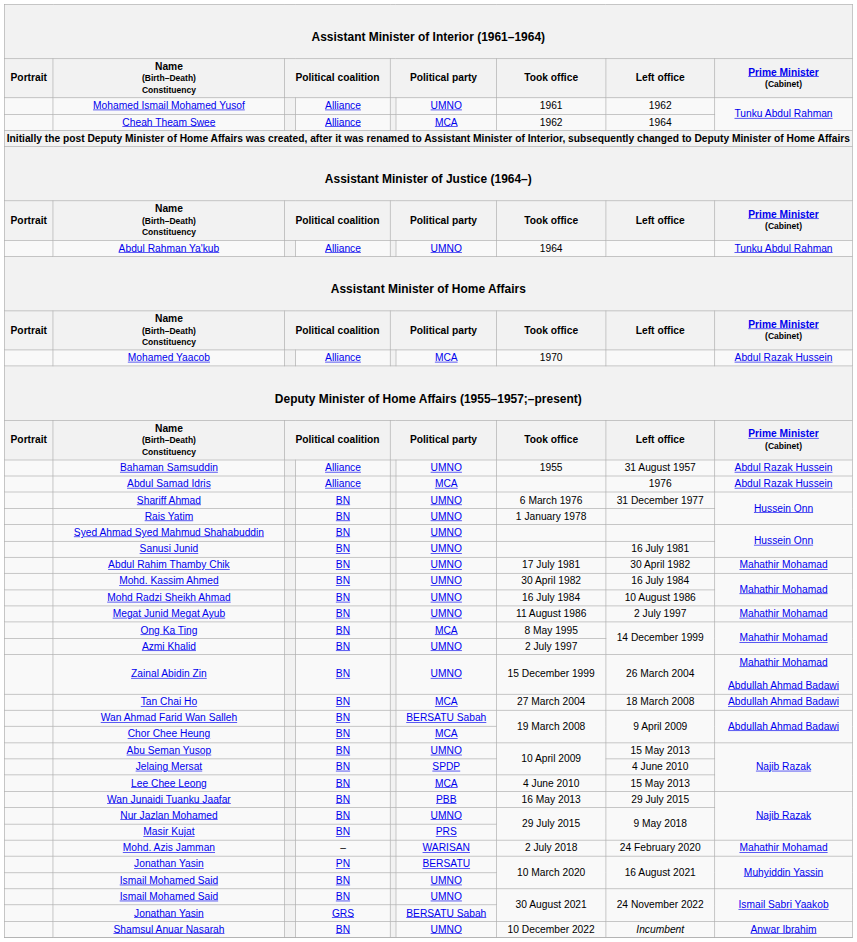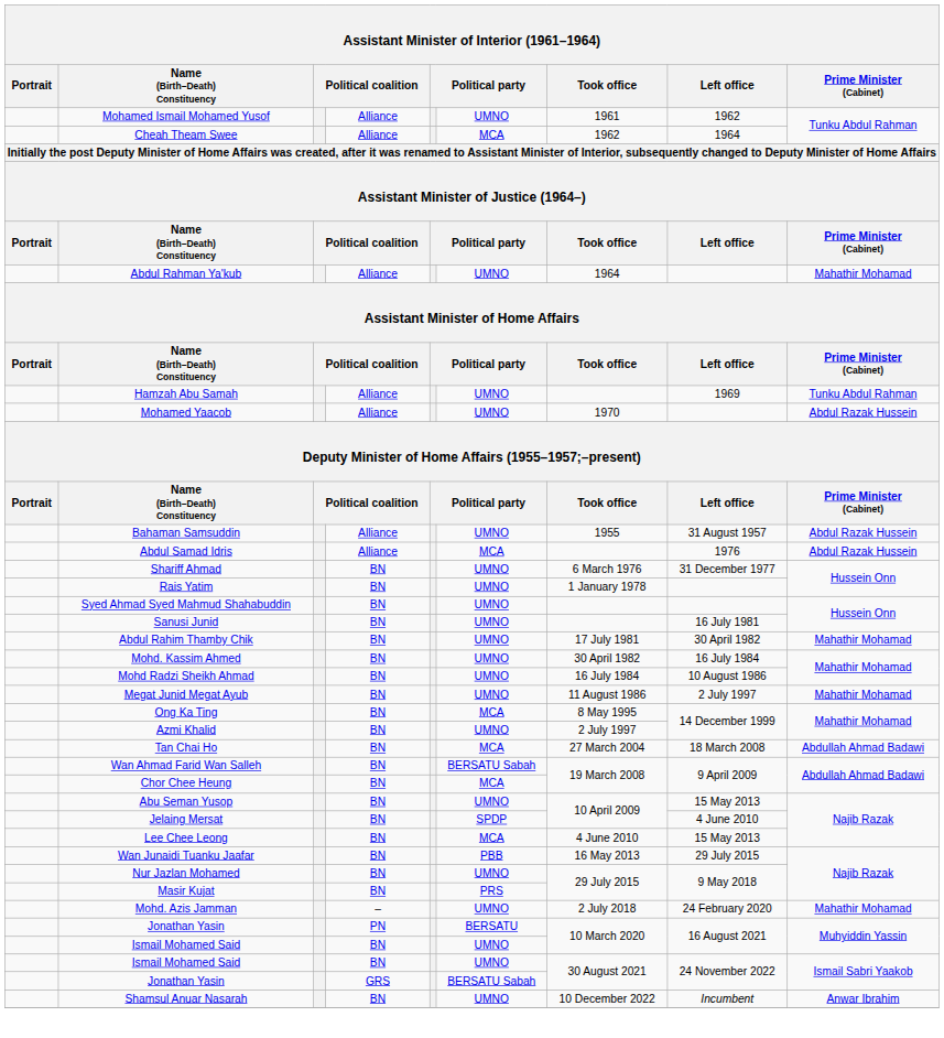 <table class="wikitable" style="text-align:center;">
 <tr>
 <th colspan="9"><br><h3>Assistant Minister of Interior (1961–1964)</h3></th>
 </tr>
 <tr>
 <th>Portrait</th>
 <th>Name<br><small>(Birth–Death)<br>Constituency</small></th>
 <th colspan="2">Political coalition</th>
 <th colspan="2">Political party</th>
 <th>Took office</th>
 <th>Left office</th>
 <th><a href='#'>Prime Minister</a><br><small>(Cabinet)</small></th>
 </tr>
 <tr>
 <td></td>
 <td><a href='#'>Mohamed Ismail Mohamed Yusof</a><br></td>
 <th style="background:"></th>
 <td><a href='#'>Alliance</a></td>
 <th style="background:"></th>
 <td><a href='#'>UMNO</a></td>
 <td>1961</td>
 <td>1962</td>
 <td rowspan=2><a href='#'>Tunku Abdul Rahman</a><br></td>
 </tr>
 <tr>
 <td></td>
 <td><a href='#'>Cheah Theam Swee</a><br></td>
 <th style="background:"></th>
 <td><a href='#'>Alliance</a></td>
 <th style="background:"></th>
 <td><a href='#'>MCA</a></td>
 <td>1962</td>
 <td>1964</td>
 </tr>
 <tr>
 <th colspan="9">Initially the post Deputy Minister of Home Affairs was created, after it was renamed to Assistant Minister of Interior, subsequently changed to Deputy Minister of Home Affairs</th>
 </tr>
 <tr>
 <th colspan="9"><br><h3>Assistant Minister of Justice (1964–)</h3></th>
 </tr>
 <tr>
 <th>Portrait</th>
 <th>Name<br><small>(Birth–Death)<br>Constituency</small></th>
 <th colspan="2">Political coalition</th>
 <th colspan="2">Political party</th>
 <th>Took office</th>
 <th>Left office</th>
 <th><a href='#'>Prime Minister</a><br><small>(Cabinet)</small></th>
 </tr>
 <tr>
 <td></td>
 <td><a href='#'>Abdul Rahman Ya'kub</a><br></td>
 <th style="background:"></th>
 <td><a href='#'>Alliance</a></td>
 <th style="background:"></th>
 <td><a href='#'>UMNO</a></td>
 <td>1964</td>
 <td></td>
-<td><a href='#'>Tunku Abdul Rahman</a><br></td>
+<td><a href='#'>Mahathir Mohamad</a><br></td>
 </tr>
 <tr>
 <th colspan="9"><br><h3>Assistant Minister of Home Affairs</h3></th>
 </tr>
 <tr>
 <th>Portrait</th>
 <th>Name<br><small>(Birth–Death)<br>Constituency</small></th>
 <th colspan="2">Political coalition</th>
 <th colspan="2">Political party</th>
 <th>Took office</th>
 <th>Left office</th>
 <th><a href='#'>Prime Minister</a><br><small>(Cabinet)</small></th>
 </tr>
 <tr>
 <td></td>
+<td><a href='#'>Hamzah Abu Samah</a><br></td>
+<th style="background:"></th>
+<td><a href='#'>Alliance</a></td>
+<th style="background:"></th>
+<td><a href='#'>UMNO</a></td>
+<td></td>
+<td>1969</td>
+<td><a href='#'>Tunku Abdul Rahman</a><br></td>
+</tr>
+<tr>
+<td></td>
 <td><a href='#'>Mohamed Yaacob</a><br></td>
 <th style="background:"></th>
 <td><a href='#'>Alliance</a></td>
 <th style="background:"></th>
-<td><a href='#'>MCA</a></td>
+<td><a href='#'>UMNO</a></td>
 <td>1970</td>
 <td></td>
 <td><a href='#'>Abdul Razak Hussein</a><br></td>
 </tr>
 <tr>
 <th colspan="9"><br><h3>Deputy Minister of Home Affairs (1955–1957;–present)</h3></th>
 </tr>
 <tr>
 <th>Portrait</th>
 <th>Name<br><small>(Birth–Death)<br>Constituency</small></th>
 <th colspan="2">Political coalition</th>
 <th colspan="2">Political party</th>
 <th>Took office</th>
 <th>Left office</th>
 <th><a href='#'>Prime Minister</a><br><small>(Cabinet)</small></th>
 </tr>
 <tr>
 <td></td>
 <td><a href='#'>Bahaman Samsuddin</a><br></td>
 <th style="background:"></th>
 <td><a href='#'>Alliance</a></td>
 <th style="background:"></th>
 <td><a href='#'>UMNO</a></td>
 <td>1955</td>
 <td>31 August 1957</td>
 <td><a href='#'>Abdul Razak Hussein</a><br></td>
 </tr>
 <tr>
 <td></td>
 <td><a href='#'>Abdul Samad Idris</a><br></td>
 <th style="background:"></th>
 <td><a href='#'>Alliance</a></td>
 <th style="background:"></th>
 <td><a href='#'>MCA</a></td>
 <td></td>
 <td>1976</td>
 <td><a href='#'>Abdul Razak Hussein</a><br></td>
 </tr>
 <tr>
 <td></td>
 <td><a href='#'>Shariff Ahmad</a><br></td>
 <th style="background:"></th>
 <td><a href='#'>BN</a></td>
 <th style="background:"></th>
 <td><a href='#'>UMNO</a></td>
 <td>6 March 1976</td>
 <td>31 December 1977</td>
 <td rowspan=2><a href='#'>Hussein Onn</a><br></td>
 </tr>
 <tr>
 <td></td>
 <td><a href='#'>Rais Yatim</a><br></td>
 <th style="background:"></th>
 <td><a href='#'>BN</a></td>
 <th style="background:"></th>
 <td><a href='#'>UMNO</a></td>
 <td>1 January 1978</td>
 <td></td>
 </tr>
 <tr>
 <td></td>
 <td><a href='#'>Syed Ahmad Syed Mahmud Shahabuddin</a><br></td>
 <th style="background:"></th>
 <td><a href='#'>BN</a></td>
 <th style="background:"></th>
 <td><a href='#'>UMNO</a></td>
 <td></td>
 <td></td>
 <td rowspan=2><a href='#'>Hussein Onn</a><br></td>
 </tr>
 <tr>
 <td></td>
 <td><a href='#'>Sanusi Junid</a><br></td>
 <th style="background:"></th>
 <td><a href='#'>BN</a></td>
 <th style="background:"></th>
 <td><a href='#'>UMNO</a></td>
 <td></td>
 <td>16 July 1981</td>
 </tr>
 <tr>
 <td></td>
 <td><a href='#'>Abdul Rahim Thamby Chik</a><br></td>
 <th style="background:"></th>
 <td><a href='#'>BN</a></td>
 <th style="background:"></th>
 <td><a href='#'>UMNO</a></td>
 <td>17 July 1981</td>
 <td>30 April 1982</td>
 <td><a href='#'>Mahathir Mohamad</a><br></td>
 </tr>
 <tr>
 <td></td>
 <td><a href='#'>Mohd. Kassim Ahmed</a><br></td>
 <th style="background:"></th>
 <td><a href='#'>BN</a></td>
 <th style="background:"></th>
 <td><a href='#'>UMNO</a></td>
 <td>30 April 1982</td>
 <td>16 July 1984</td>
 <td rowspan=2><a href='#'>Mahathir Mohamad</a><br></td>
 </tr>
 <tr>
 <td></td>
 <td><a href='#'>Mohd Radzi Sheikh Ahmad</a><br></td>
 <th style="background:"></th>
 <td><a href='#'>BN</a></td>
 <th style="background:"></th>
 <td><a href='#'>UMNO</a></td>
 <td>16 July 1984</td>
 <td>10 August 1986</td>
 </tr>
 <tr>
 <td></td>
 <td><a href='#'>Megat Junid Megat Ayub</a><br></td>
 <th style="background:"></th>
 <td><a href='#'>BN</a></td>
 <th style="background:"></th>
 <td><a href='#'>UMNO</a></td>
 <td>11 August 1986</td>
 <td>2 July 1997</td>
 <td><a href='#'>Mahathir Mohamad</a><br></td>
 </tr>
 <tr>
 <td></td>
 <td><a href='#'>Ong Ka Ting</a><br></td>
 <th style="background:"></th>
 <td><a href='#'>BN</a></td>
 <th style="background:"></th>
 <td><a href='#'>MCA</a></td>
 <td>8 May 1995</td>
 <td rowspan=2>14 December 1999</td>
 <td rowspan=2><a href='#'>Mahathir Mohamad</a><br></td>
 </tr>
 <tr>
 <td></td>
 <td><a href='#'>Azmi Khalid</a><br></td>
 <th style="background:"></th>
 <td><a href='#'>BN</a></td>
 <th style="background:"></th>
 <td><a href='#'>UMNO</a></td>
 <td>2 July 1997</td>
 </tr>
 <tr>
 <td></td>
-<td><a href='#'>Zainal Abidin Zin</a><br></td>
-<th style="background:"></th>
-<td><a href='#'>BN</a></td>
-<th style="background:"></th>
-<td><a href='#'>UMNO</a></td>
-<td>15 December 1999</td>
-<td>26 March 2004</td>
-<td><a href='#'>Mahathir Mohamad</a><br><br><a href='#'>Abdullah Ahmad Badawi</a><br></td>
-</tr>
-<tr>
-<td></td>
 <td><a href='#'>Tan Chai Ho</a><br></td>
 <th style="background:"></th>
 <td><a href='#'>BN</a></td>
 <th style="background:"></th>
 <td><a href='#'>MCA</a></td>
 <td>27 March 2004</td>
 <td>18 March 2008</td>
 <td><a href='#'>Abdullah Ahmad Badawi</a><br></td>
 </tr>
 <tr>
 <td></td>
 <td><a href='#'>Wan Ahmad Farid Wan Salleh</a><br></td>
 <th style="background:"></th>
 <td><a href='#'>BN</a></td>
 <th style="background:"></th>
 <td><a href='#'>BERSATU Sabah</a></td>
 <td rowspan=2>19 March 2008</td>
 <td rowspan=2>9 April 2009</td>
 <td rowspan=2><a href='#'>Abdullah Ahmad Badawi</a><br></td>
 </tr>
 <tr>
 <td></td>
 <td><a href='#'>Chor Chee Heung</a><br></td>
 <th style="background:"></th>
 <td><a href='#'>BN</a></td>
 <th style="background:"></th>
 <td><a href='#'>MCA</a></td>
 </tr>
 <tr>
 <td></td>
 <td><a href='#'>Abu Seman Yusop</a><br></td>
 <th style="background:"></th>
 <td><a href='#'>BN</a></td>
 <th style="background:"></th>
 <td><a href='#'>UMNO</a></td>
 <td rowspan=2>10 April 2009</td>
 <td>15 May 2013</td>
 <td rowspan=3><a href='#'>Najib Razak</a><br></td>
 </tr>
 <tr>
 <td></td>
 <td><a href='#'>Jelaing Mersat</a><br></td>
 <th style="background:"></th>
 <td><a href='#'>BN</a></td>
 <th style="background:"></th>
 <td><a href='#'>SPDP</a></td>
 <td>4 June 2010</td>
 </tr>
 <tr>
 <td></td>
 <td><a href='#'>Lee Chee Leong</a><br></td>
 <th style="background:"></th>
 <td><a href='#'>BN</a></td>
 <th style="background:"></th>
 <td><a href='#'>MCA</a></td>
 <td>4 June 2010</td>
 <td>15 May 2013</td>
 </tr>
 <tr>
 <td></td>
 <td><a href='#'>Wan Junaidi Tuanku Jaafar</a><br></td>
 <th style="background:"></th>
 <td><a href='#'>BN</a></td>
 <th style="background:"></th>
 <td><a href='#'>PBB</a></td>
 <td>16 May 2013</td>
 <td>29 July 2015</td>
 <td rowspan=3><a href='#'>Najib Razak</a><br></td>
 </tr>
 <tr>
 <td></td>
 <td><a href='#'>Nur Jazlan Mohamed</a><br></td>
 <th style="background:"></th>
 <td><a href='#'>BN</a></td>
 <th style="background:"></th>
 <td><a href='#'>UMNO</a></td>
 <td rowspan=2>29 July 2015</td>
 <td rowspan=2>9 May 2018</td>
 </tr>
 <tr>
 <td></td>
 <td><a href='#'>Masir Kujat</a><br></td>
 <th style="background:"></th>
 <td><a href='#'>BN</a></td>
 <th style="background:"></th>
 <td><a href='#'>PRS</a></td>
 </tr>
 <tr>
 <td></td>
 <td><a href='#'>Mohd. Azis Jamman</a><br></td>
 <th></th>
 <td>–</td>
 <th style="background:"></th>
-<td><a href='#'>WARISAN</a></td>
+<td><a href='#'>UMNO</a></td>
 <td>2 July 2018</td>
 <td>24 February 2020</td>
 <td><a href='#'>Mahathir Mohamad</a><br></td>
 </tr>
 <tr>
 <td></td>
 <td><a href='#'>Jonathan Yasin</a><br></td>
 <th style="background:"></th>
 <td><a href='#'>PN</a></td>
 <th style="background:"></th>
 <td><a href='#'>BERSATU</a></td>
 <td rowspan=2>10 March 2020</td>
 <td rowspan=2>16 August 2021</td>
 <td rowspan=2><a href='#'>Muhyiddin Yassin</a><br></td>
 </tr>
 <tr>
 <td></td>
 <td><a href='#'>Ismail Mohamed Said</a><br></td>
 <th style="background:"></th>
 <td><a href='#'>BN</a></td>
 <th style="background:"></th>
 <td><a href='#'>UMNO</a></td>
 </tr>
 <tr>
 <td></td>
 <td><a href='#'>Ismail Mohamed Said</a><br></td>
 <th style="background:"></th>
 <td><a href='#'>BN</a></td>
 <th style="background:"></th>
 <td><a href='#'>UMNO</a></td>
 <td rowspan=2>30 August 2021</td>
 <td rowspan=2>24 November 2022</td>
 <td rowspan=2><a href='#'>Ismail Sabri Yaakob</a><br></td>
 </tr>
 <tr>
 <td></td>
 <td><a href='#'>Jonathan Yasin</a><br></td>
 <th style="background:"></th>
 <td><a href='#'>GRS</a></td>
 <th style="background:"></th>
 <td><a href='#'>BERSATU Sabah</a></td>
 </tr>
 <tr>
 <td></td>
 <td><a href='#'>Shamsul Anuar Nasarah</a><br></td>
 <th style="background:"></th>
 <td><a href='#'>BN</a></td>
 <th style="background:"></th>
 <td><a href='#'>UMNO</a></td>
 <td>10 December 2022</td>
 <td><em>Incumbent</em></td>
 <td><a href='#'>Anwar Ibrahim</a><br></td>
 </tr>
 <tr>
 </tr>
 </table>
